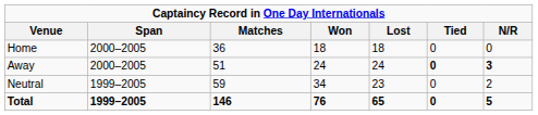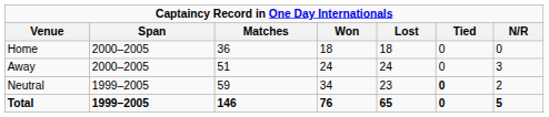 <table class="wikitable" style="text-align:left; width:60%;">
 <tr>
 <td colspan="7" style="text-align:center;"><strong>Captaincy Record in <a href='#'>One Day Internationals</a></strong></td>
 </tr>
 <tr>
 <th>Venue</th>
 <th>Span</th>
 <th>Matches</th>
 <th>Won</th>
 <th>Lost</th>
 <th>Tied</th>
 <th>N/R</th>
 </tr>
 <tr>
 <td>Home</td>
 <td>2000–2005</td>
 <td>36</td>
 <td>18</td>
 <td>18</td>
 <td>0</td>
 <td>0</td>
 </tr>
 <tr>
 <td>Away</td>
 <td>2000–2005</td>
 <td>51</td>
 <td>24</td>
 <td>24</td>
-<td><strong>0</strong></td>
-<td><strong>3</strong></td>
+<td>0</td>
+<td>3</td>
 </tr>
 <tr>
 <td>Neutral</td>
 <td>1999–2005</td>
 <td>59</td>
 <td>34</td>
 <td>23</td>
-<td>0</td>
+<td><strong>0</strong></td>
 <td>2</td>
 </tr>
 <tr>
 <td><strong>Total</strong></td>
 <td><strong>1999–2005</strong></td>
 <td><strong>146</strong></td>
 <td><strong>76</strong></td>
 <td><strong>65</strong></td>
 <td><strong>0</strong></td>
 <td><strong>5</strong></td>
 </tr>
 </table>
